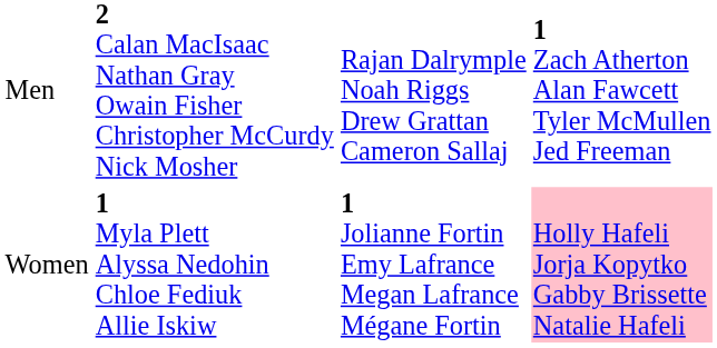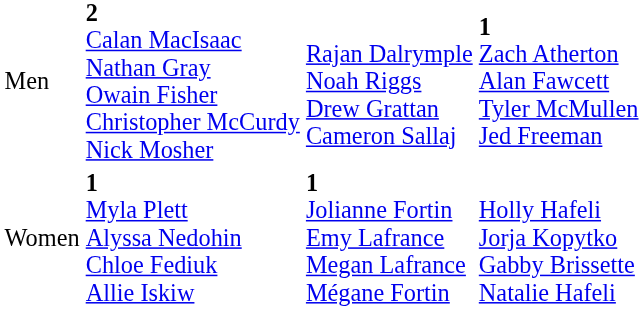 <table>
 <tr>
 <td>Men</td>
 <td><strong> 2</strong><br><a href='#'>Calan MacIsaac</a><br><a href='#'>Nathan Gray</a><br><a href='#'>Owain Fisher</a><br><a href='#'>Christopher McCurdy</a><br><a href='#'>Nick Mosher</a></td>
 <td><strong></strong><br><a href='#'>Rajan Dalrymple</a><br><a href='#'>Noah Riggs</a><br><a href='#'>Drew Grattan</a><br><a href='#'>Cameron Sallaj</a></td>
 <td><strong> 1</strong><br><a href='#'>Zach Atherton</a><br><a href='#'>Alan Fawcett</a><br><a href='#'>Tyler McMullen</a><br><a href='#'>Jed Freeman</a></td>
 </tr>
 <tr>
 <td>Women</td>
 <td><strong> 1</strong><br><a href='#'>Myla Plett</a><br><a href='#'>Alyssa Nedohin</a><br><a href='#'>Chloe Fediuk</a><br><a href='#'>Allie Iskiw</a></td>
 <td><strong> 1</strong><br><a href='#'>Jolianne Fortin</a><br><a href='#'>Emy Lafrance</a><br><a href='#'>Megan Lafrance</a><br><a href='#'>Mégane Fortin</a></td>
-<td style="background: pink;"><strong></strong><br><a href='#'>Holly Hafeli</a><br><a href='#'>Jorja Kopytko</a><br><a href='#'>Gabby Brissette</a><br><a href='#'>Natalie Hafeli</a></td>
+<td><strong></strong><br><a href='#'>Holly Hafeli</a><br><a href='#'>Jorja Kopytko</a><br><a href='#'>Gabby Brissette</a><br><a href='#'>Natalie Hafeli</a></td>
 </tr>
 </table>
